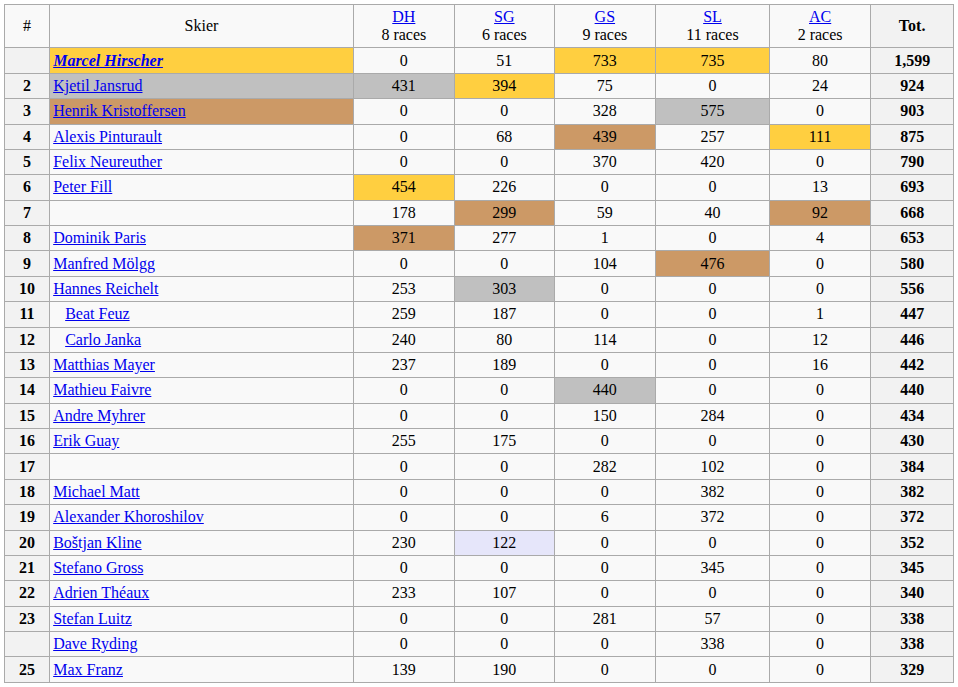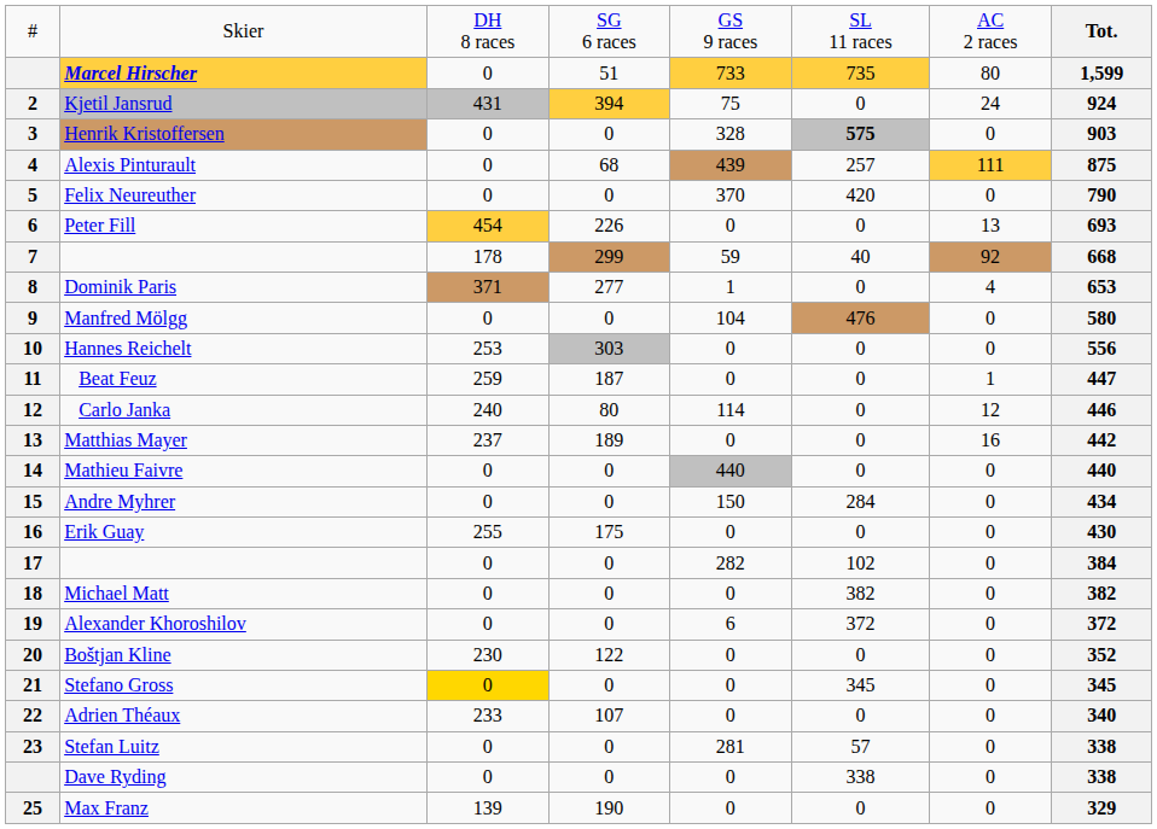 <table class="wikitable" width=60% style="font-size:100%; text-align:center;">
 <tr>
 <td>#</td>
 <td>Skier</td>
 <td><a href='#'>DH</a><br>8 races</td>
 <td><a href='#'>SG</a><br>6 races</td>
 <td><a href='#'>GS</a><br>9 races</td>
 <td><a href='#'>SL</a><br>11 races</td>
 <td><a href='#'>AC</a><br>2 races</td>
 <th>Tot.</th>
 </tr>
 <tr>
 <th></th>
 <td align=left bgcolor=ffcf40> <strong><em><a href='#'>Marcel Hirscher</a></em></strong></td>
 <td>0</td>
 <td>51</td>
 <td bgcolor=ffcf40>733</td>
 <td bgcolor=ffcf40>735</td>
 <td>80</td>
 <th>1,599</th>
 </tr>
 <tr>
 <th>2</th>
 <td align=left bgcolor=c0c0c0> <a href='#'>Kjetil Jansrud</a></td>
 <td bgcolor=c0c0c0>431</td>
 <td bgcolor=ffcf40>394</td>
 <td>75</td>
 <td>0</td>
 <td>24</td>
 <th>924</th>
 </tr>
 <tr>
 <th>3</th>
 <td align=left bgcolor=cc9966> <a href='#'>Henrik Kristoffersen</a></td>
 <td>0</td>
 <td>0</td>
 <td>328</td>
-<td bgcolor=c0c0c0>575</td>
+<td bgcolor=c0c0c0><strong>575</strong></td>
 <td>0</td>
 <th>903</th>
 </tr>
 <tr>
 <th>4</th>
 <td align=left> <a href='#'>Alexis Pinturault</a></td>
 <td>0</td>
 <td>68</td>
 <td bgcolor=cc9966>439</td>
 <td>257</td>
 <td bgcolor=ffcf40>111</td>
 <th>875</th>
 </tr>
 <tr>
 <th>5</th>
 <td align=left> <a href='#'>Felix Neureuther</a></td>
 <td>0</td>
 <td>0</td>
 <td>370</td>
 <td>420</td>
 <td>0</td>
 <th>790</th>
 </tr>
 <tr>
 <th>6</th>
 <td align=left> <a href='#'>Peter Fill</a></td>
 <td bgcolor=ffcf40>454</td>
 <td>226</td>
 <td>0</td>
 <td>0</td>
 <td>13</td>
 <th>693</th>
 </tr>
 <tr>
 <th>7</th>
 <td align=left></td>
 <td>178</td>
 <td bgcolor=cc9966>299</td>
 <td>59</td>
 <td>40</td>
 <td bgcolor=cc9966>92</td>
 <th>668</th>
 </tr>
 <tr>
 <th>8</th>
 <td align=left> <a href='#'>Dominik Paris</a></td>
 <td bgcolor=cc9966>371</td>
 <td>277</td>
 <td>1</td>
 <td>0</td>
 <td>4</td>
 <th>653</th>
 </tr>
 <tr>
 <th>9</th>
 <td align=left> <a href='#'>Manfred Mölgg</a></td>
 <td>0</td>
 <td>0</td>
 <td>104</td>
 <td bgcolor=cc9966>476</td>
 <td>0</td>
 <th>580</th>
 </tr>
 <tr>
 <th>10</th>
 <td align=left> <a href='#'>Hannes Reichelt</a></td>
 <td>253</td>
 <td bgcolor=c0c0c0>303</td>
 <td>0</td>
 <td>0</td>
 <td>0</td>
 <th>556</th>
 </tr>
 <tr>
 <th>11</th>
 <td align=left>   <a href='#'>Beat Feuz</a></td>
 <td>259</td>
 <td>187</td>
 <td>0</td>
 <td>0</td>
 <td>1</td>
 <th>447</th>
 </tr>
 <tr>
 <th>12</th>
 <td align=left>   <a href='#'>Carlo Janka</a></td>
 <td>240</td>
 <td>80</td>
 <td>114</td>
 <td>0</td>
 <td>12</td>
 <th>446</th>
 </tr>
 <tr>
 <th>13</th>
 <td align=left> <a href='#'>Matthias Mayer</a></td>
 <td>237</td>
 <td>189</td>
 <td>0</td>
 <td>0</td>
 <td>16</td>
 <th>442</th>
 </tr>
 <tr>
 <th>14</th>
 <td align=left> <a href='#'>Mathieu Faivre</a></td>
 <td>0</td>
 <td>0</td>
 <td bgcolor=c0c0c0>440</td>
 <td>0</td>
 <td>0</td>
 <th>440</th>
 </tr>
 <tr>
 <th>15</th>
 <td align=left> <a href='#'>Andre Myhrer</a></td>
 <td>0</td>
 <td>0</td>
 <td>150</td>
 <td>284</td>
 <td>0</td>
 <th>434</th>
 </tr>
 <tr>
 <th>16</th>
 <td align=left> <a href='#'>Erik Guay</a></td>
 <td>255</td>
 <td>175</td>
 <td>0</td>
 <td>0</td>
 <td>0</td>
 <th>430</th>
 </tr>
 <tr>
 <th>17</th>
 <td align=left></td>
 <td>0</td>
 <td>0</td>
 <td>282</td>
 <td>102</td>
 <td>0</td>
 <th>384</th>
 </tr>
 <tr>
 <th>18</th>
 <td align=left> <a href='#'>Michael Matt</a></td>
 <td>0</td>
 <td>0</td>
 <td>0</td>
 <td>382</td>
 <td>0</td>
 <th>382</th>
 </tr>
 <tr>
 <th>19</th>
 <td align=left> <a href='#'>Alexander Khoroshilov</a></td>
 <td>0</td>
 <td>0</td>
 <td>6</td>
 <td>372</td>
 <td>0</td>
 <th>372</th>
 </tr>
 <tr>
 <th>20</th>
 <td align=left> <a href='#'>Boštjan Kline</a></td>
 <td>230</td>
-<td style="background: lavender;">122</td>
+<td>122</td>
 <td>0</td>
 <td>0</td>
 <td>0</td>
 <th>352</th>
 </tr>
 <tr>
 <th>21</th>
 <td align=left> <a href='#'>Stefano Gross</a></td>
-<td>0</td>
+<td style="background: gold;">0</td>
 <td>0</td>
 <td>0</td>
 <td>345</td>
 <td>0</td>
 <th>345</th>
 </tr>
 <tr>
 <th>22</th>
 <td align=left> <a href='#'>Adrien Théaux</a></td>
 <td>233</td>
 <td>107</td>
 <td>0</td>
 <td>0</td>
 <td>0</td>
 <th>340</th>
 </tr>
 <tr>
 <th>23</th>
 <td align=left> <a href='#'>Stefan Luitz</a></td>
 <td>0</td>
 <td>0</td>
 <td>281</td>
 <td>57</td>
 <td>0</td>
 <th>338</th>
 </tr>
 <tr>
 <th></th>
 <td align=left> <a href='#'>Dave Ryding</a></td>
 <td>0</td>
 <td>0</td>
 <td>0</td>
 <td>338</td>
 <td>0</td>
 <th>338</th>
 </tr>
 <tr>
 <th>25</th>
 <td align=left> <a href='#'>Max Franz</a></td>
 <td>139</td>
 <td>190</td>
 <td>0</td>
 <td>0</td>
 <td>0</td>
 <th>329</th>
 </tr>
 </table>
